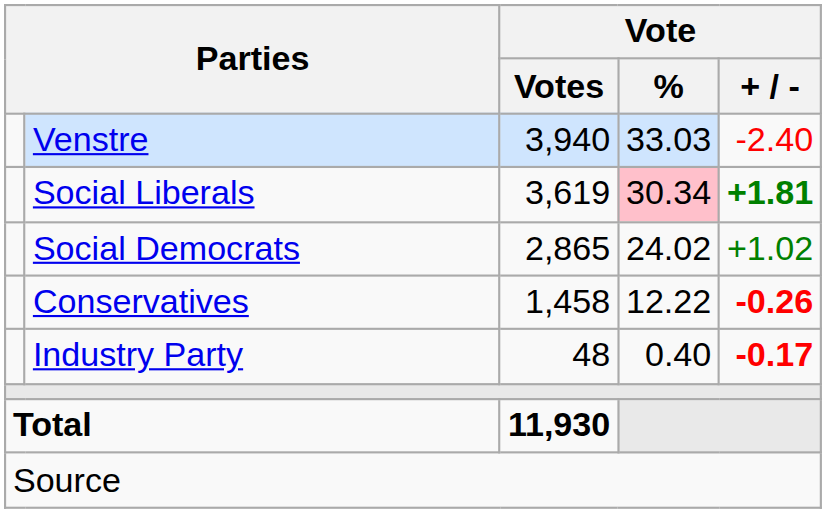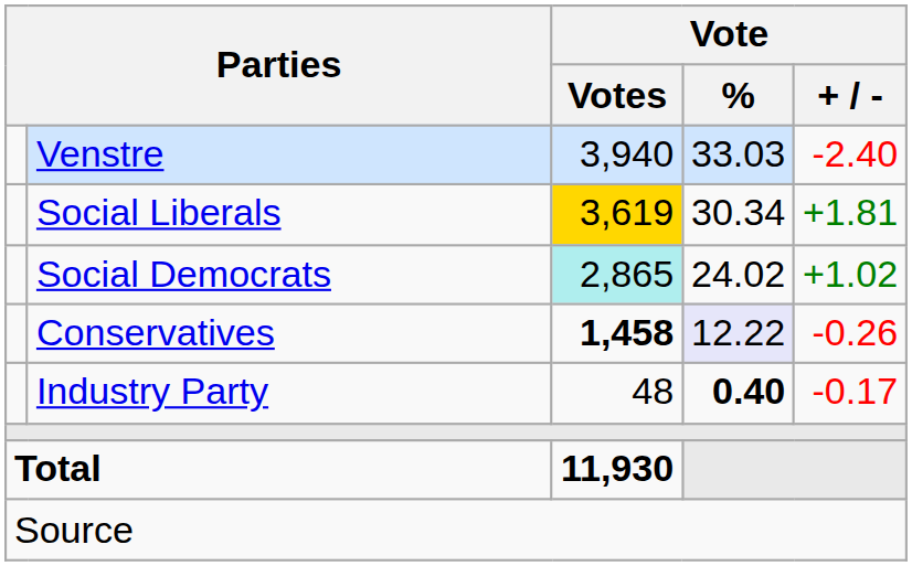 <table class="wikitable" style="text-align:right;">
 <tr>
 <th style="text-align:centre;" rowspan="2" colspan="2" width="225">Parties</th>
 <th colspan="3">Vote</th>
 </tr>
 <tr>
 <th width="15">Votes</th>
 <th width="15">%</th>
 <th width="15">+ / -</th>
 </tr>
 <tr>
 <td width="2" style="color:inherit;background:"></td>
 <td bgcolor=#cfe5fe  align="left"><a href='#'>Venstre</a></td>
 <td bgcolor=#cfe5fe>3,940</td>
 <td bgcolor=#cfe5fe>33.03</td>
 <td style=color:red;>-2.40</td>
 </tr>
 <tr>
 <td width="2" style="color:inherit;background:"></td>
 <td align="left"><a href='#'>Social Liberals</a></td>
-<td>3,619</td>
-<td style="background: pink;">30.34</td>
-<td style=color:green;><strong>+1.81</strong></td>
+<td style="background: gold;">3,619</td>
+<td>30.34</td>
+<td style=color:green;>+1.81</td>
 </tr>
 <tr>
 <td width="2" style="color:inherit;background:"></td>
 <td align="left"><a href='#'>Social Democrats</a></td>
-<td>2,865</td>
+<td style="background: paleturquoise;">2,865</td>
 <td>24.02</td>
 <td style=color:green;>+1.02</td>
 </tr>
 <tr>
 <td width="2" style="color:inherit;background:"></td>
 <td align="left"><a href='#'>Conservatives</a></td>
-<td>1,458</td>
-<td>12.22</td>
-<td style=color:red;><strong>-0.26</strong></td>
+<td><strong>1,458</strong></td>
+<td style="background: lavender;">12.22</td>
+<td style=color:red;>-0.26</td>
 </tr>
 <tr>
 <td width="2" style="color:inherit;background:"></td>
 <td align="left"><a href='#'>Industry Party</a></td>
 <td>48</td>
-<td>0.40</td>
-<td style=color:red;><strong>-0.17</strong></td>
+<td><strong>0.40</strong></td>
+<td style=color:red;>-0.17</td>
 </tr>
 <tr>
 <td colspan="7" bgcolor="#E9E9E9"></td>
 </tr>
 <tr>
 <td align="left" colspan="2"><strong>Total</strong></td>
 <td><strong>11,930</strong></td>
 <td bgcolor="#E9E9E9" colspan="2"></td>
 </tr>
 <tr>
 <td align="left" colspan="6">Source</td>
 </tr>
 </table>
